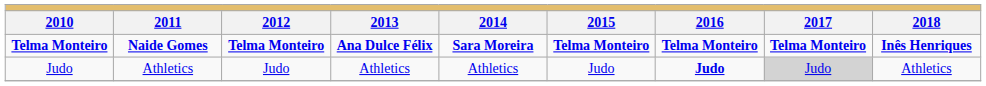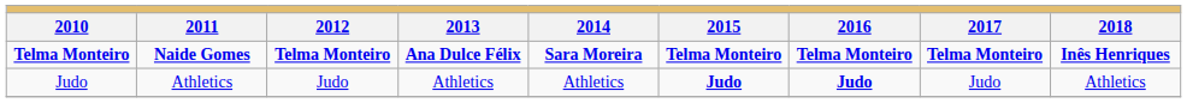 <table class="wikitable sortable" style="margin:1em auto; text-align:center; font-size:85%" width="75%">
 <tr>
 <td colspan="9" bgcolor="#e4be6d"></td>
 </tr>
 <tr>
 <th><a href='#'>2010</a></th>
 <th><a href='#'>2011</a></th>
 <th><a href='#'>2012</a></th>
 <th><a href='#'>2013</a></th>
 <th><a href='#'>2014</a></th>
 <th><a href='#'>2015</a></th>
 <th><a href='#'>2016</a></th>
 <th><a href='#'>2017</a></th>
 <th><a href='#'>2018</a></th>
 </tr>
 <tr>
 <td width="10%"><strong><a href='#'>Telma Monteiro</a></strong></td>
 <td width="10%"><strong><a href='#'>Naide Gomes</a></strong></td>
 <td width="10%"><strong><a href='#'>Telma Monteiro</a></strong></td>
 <td width="10%"><strong><a href='#'>Ana Dulce Félix</a></strong></td>
 <td width="10%"><strong><a href='#'>Sara Moreira</a></strong></td>
 <td width="10%"><strong><a href='#'>Telma Monteiro</a></strong></td>
 <td width="10%"><strong><a href='#'>Telma Monteiro</a></strong></td>
 <td width="10%"><strong><a href='#'>Telma Monteiro</a></strong></td>
 <td width="10%"><strong><a href='#'>Inês Henriques</a></strong></td>
 </tr>
 <tr>
 <td><a href='#'>Judo</a></td>
 <td><a href='#'>Athletics</a></td>
 <td><a href='#'>Judo</a></td>
 <td><a href='#'>Athletics</a></td>
 <td><a href='#'>Athletics</a></td>
+<td><strong><a href='#'>Judo</a></strong></td>
+<td><strong><a href='#'>Judo</a></strong></td>
 <td><a href='#'>Judo</a></td>
-<td><strong><a href='#'>Judo</a></strong></td>
-<td style="background: lightgrey;"><a href='#'>Judo</a></td>
 <td><a href='#'>Athletics</a></td>
 </tr>
 <tr>
 </tr>
 </table>
